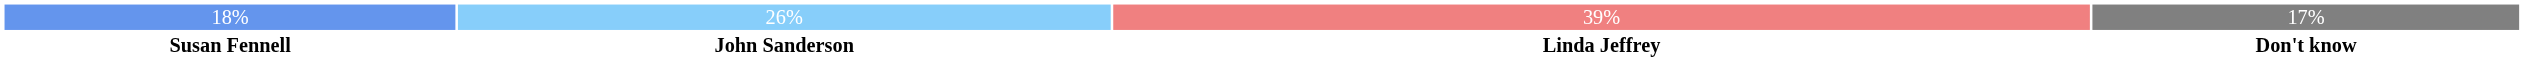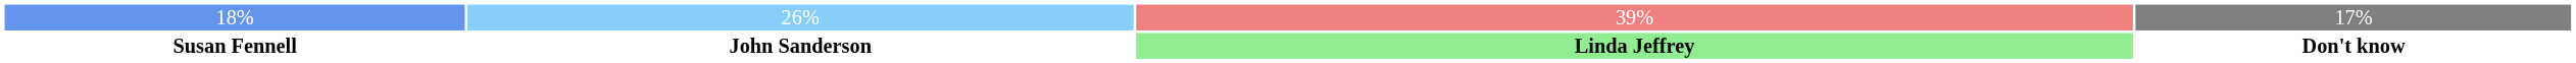 <table style="width:100%; text-align:center;">
 <tr style="color:white;">
 <td style="background:cornflowerblue; width:18%;">18%</td>
 <td style="background:lightskyblue; width:26%;">26%</td>
 <td style="background:lightcoral; width:39%;">39%</td>
 <td style="background:gray; width:17%;">17%</td>
 </tr>
 <tr>
 <td><span><strong>Susan Fennell</strong></span></td>
 <td><span><strong>John Sanderson</strong></span></td>
-<td><span><strong>Linda Jeffrey</strong></span></td>
+<td style="background: lightgreen;"><span><strong>Linda Jeffrey</strong></span></td>
 <td><span><strong>Don't know</strong></span></td>
 </tr>
 </table>
